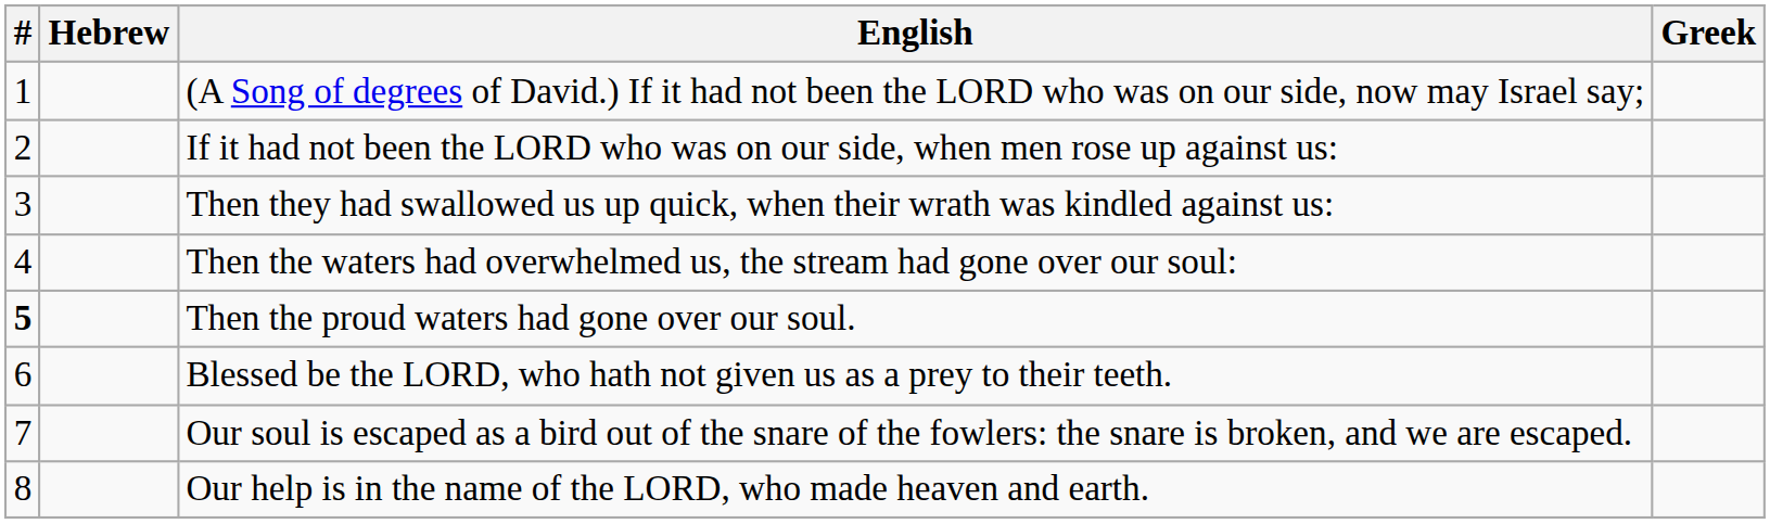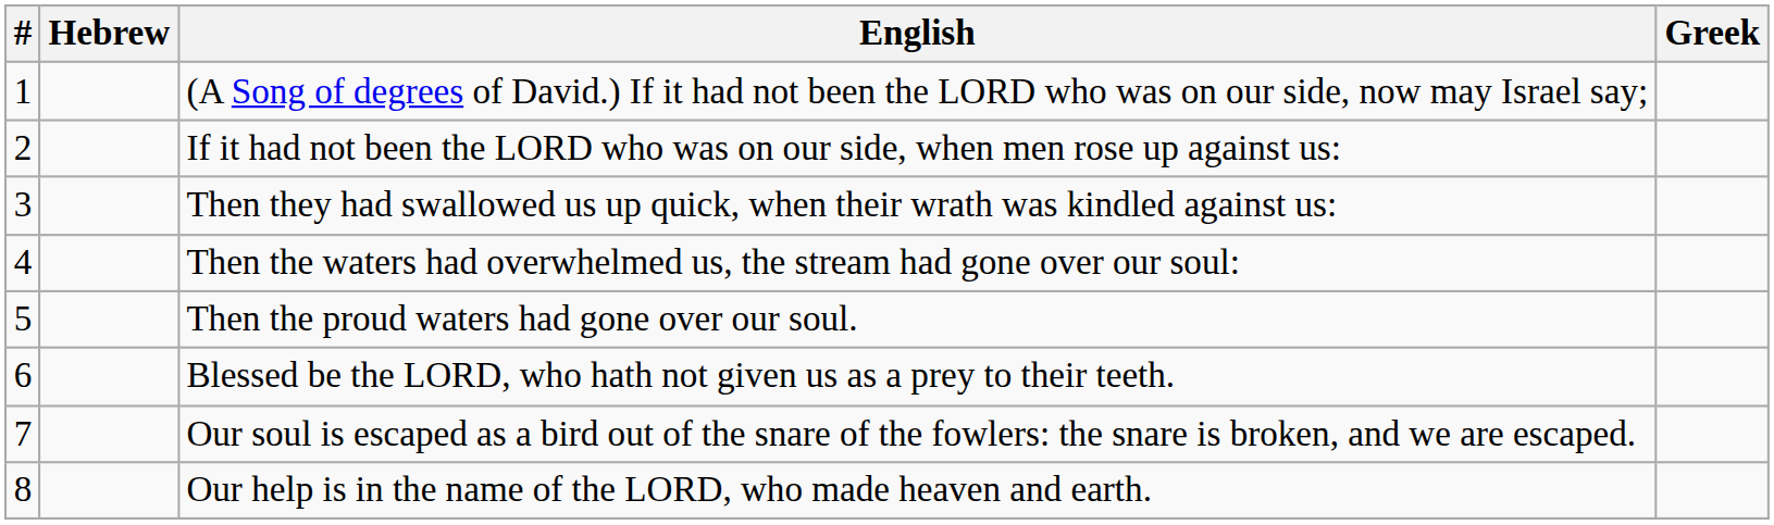 <table class=wikitable>
 <tr>
 <th>#</th>
 <th>Hebrew</th>
 <th>English</th>
 <th>Greek</th>
 </tr>
 <tr>
 <td style="text-align:right">1</td>
 <td style="text-align:right"></td>
 <td>(A <a href='#'>Song of degrees</a> of David.) If it had not been the LORD who was on our side, now may Israel say;</td>
 <td></td>
 </tr>
 <tr>
 <td style="text-align:right">2</td>
 <td style="text-align:right"></td>
 <td>If it had not been the LORD who was on our side, when men rose up against us:</td>
 <td></td>
 </tr>
 <tr>
 <td style="text-align:right">3</td>
 <td style="text-align:right"></td>
 <td>Then they had swallowed us up quick, when their wrath was kindled against us:</td>
 <td></td>
 </tr>
 <tr>
 <td style="text-align:right">4</td>
 <td style="text-align:right"></td>
 <td>Then the waters had overwhelmed us, the stream had gone over our soul:</td>
 <td></td>
 </tr>
 <tr>
-<td style="text-align:right"><strong>5</strong></td>
+<td style="text-align:right">5</td>
 <td style="text-align:right"></td>
 <td>Then the proud waters had gone over our soul.</td>
 <td></td>
 </tr>
 <tr>
 <td style="text-align:right">6</td>
 <td style="text-align:right"></td>
 <td>Blessed be the LORD, who hath not given us as a prey to their teeth.</td>
 <td></td>
 </tr>
 <tr>
 <td style="text-align:right">7</td>
 <td style="text-align:right"></td>
 <td>Our soul is escaped as a bird out of the snare of the fowlers: the snare is broken, and we are escaped.</td>
 <td></td>
 </tr>
 <tr>
 <td style="text-align:right">8</td>
 <td style="text-align:right"></td>
 <td>Our help is in the name of the LORD, who made heaven and earth.</td>
 <td></td>
 </tr>
 <tr>
 </tr>
 </table>
